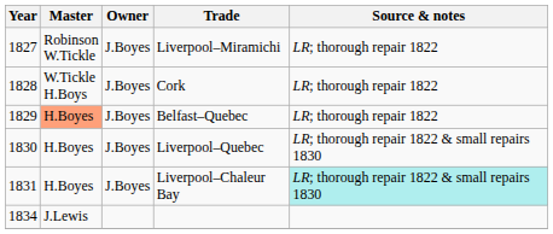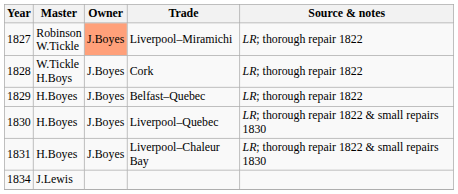 <table class=" wikitable">
 <tr>
 <th>Year</th>
 <th>Master</th>
 <th>Owner</th>
 <th>Trade</th>
 <th>Source & notes</th>
 </tr>
 <tr>
 <td>1827</td>
 <td>Robinson<br>W.Tickle</td>
-<td>J.Boyes</td>
+<td style="background: lightsalmon;">J.Boyes</td>
 <td>Liverpool–Miramichi</td>
 <td><em>LR</em>; thorough repair 1822</td>
 </tr>
 <tr>
 <td>1828</td>
 <td>W.Tickle<br>H.Boys</td>
 <td>J.Boyes</td>
 <td>Cork</td>
 <td><em>LR</em>; thorough repair 1822</td>
 </tr>
 <tr>
 <td>1829</td>
-<td style="background: lightsalmon;">H.Boyes</td>
+<td>H.Boyes</td>
 <td>J.Boyes</td>
 <td>Belfast–Quebec</td>
 <td><em>LR</em>; thorough repair 1822</td>
 </tr>
 <tr>
 <td>1830</td>
 <td>H.Boyes</td>
 <td>J.Boyes</td>
 <td>Liverpool–Quebec</td>
 <td><em>LR</em>; thorough repair 1822 & small repairs 1830</td>
 </tr>
 <tr>
 <td>1831</td>
 <td>H.Boyes</td>
 <td>J.Boyes</td>
 <td>Liverpool–Chaleur Bay</td>
-<td style="background: paleturquoise;"><em>LR</em>; thorough repair 1822 & small repairs 1830</td>
+<td><em>LR</em>; thorough repair 1822 & small repairs 1830</td>
 </tr>
 <tr>
 <td>1834</td>
 <td>J.Lewis</td>
 <td></td>
 <td></td>
 <td></td>
 </tr>
 <tr>
 </tr>
 </table>
